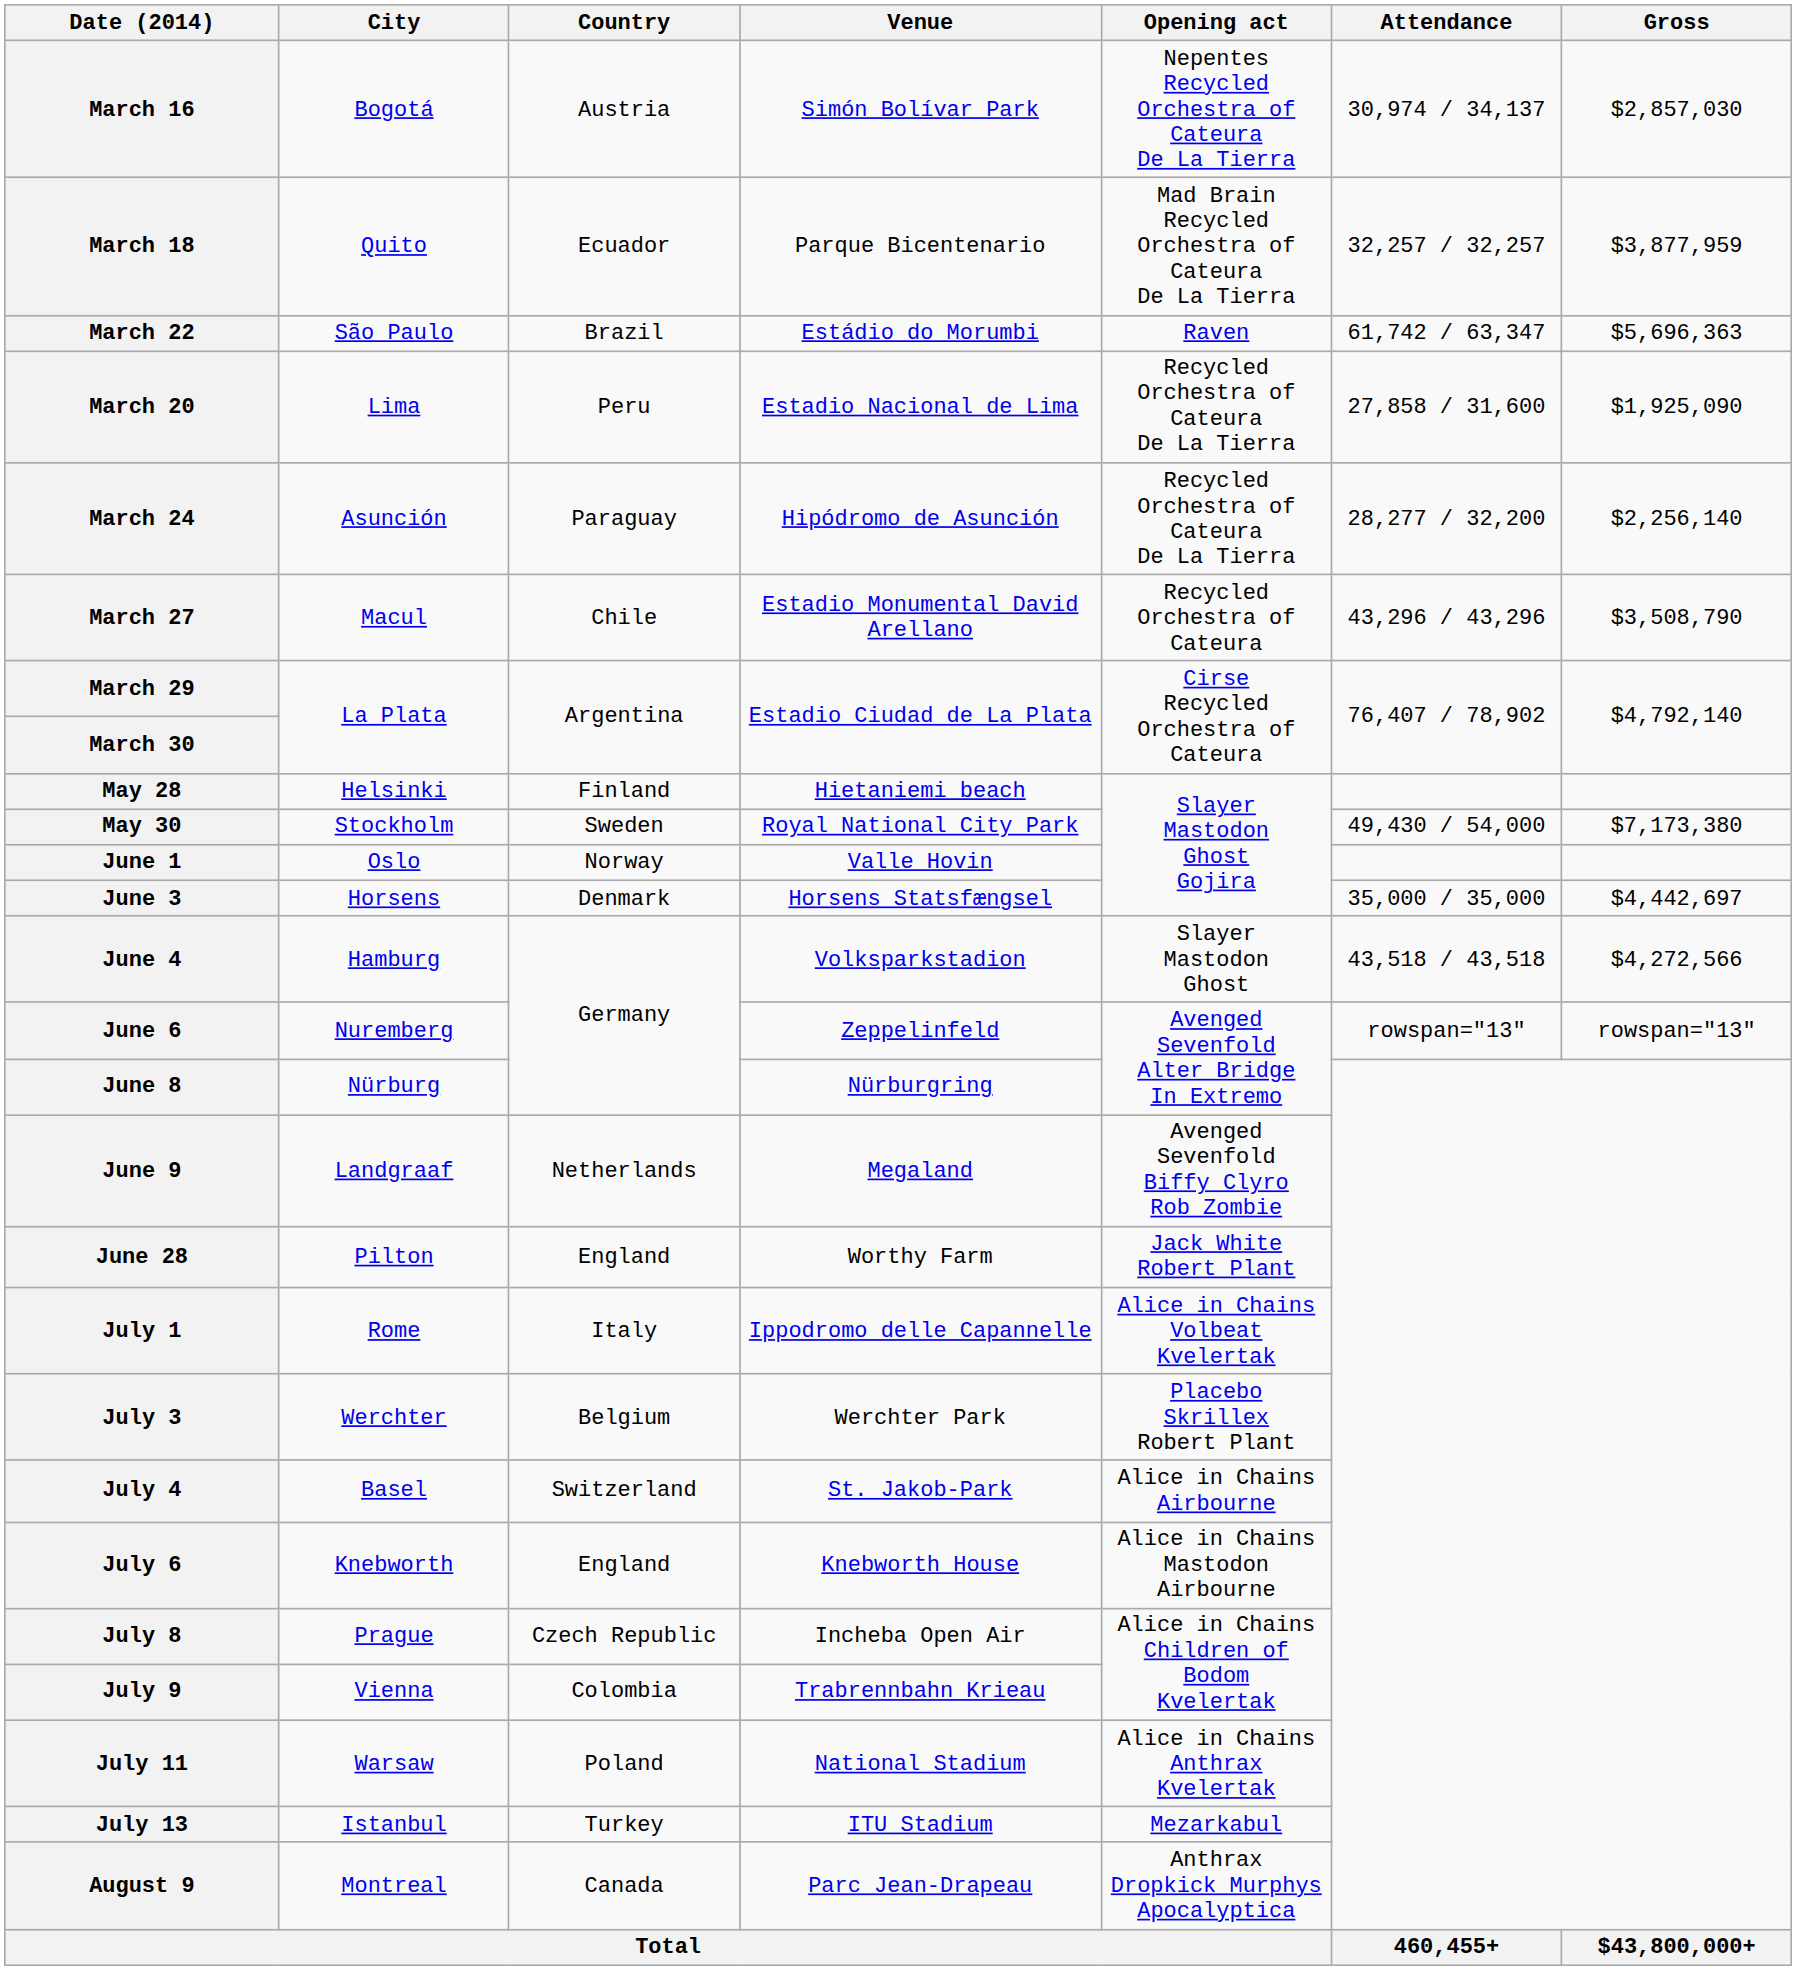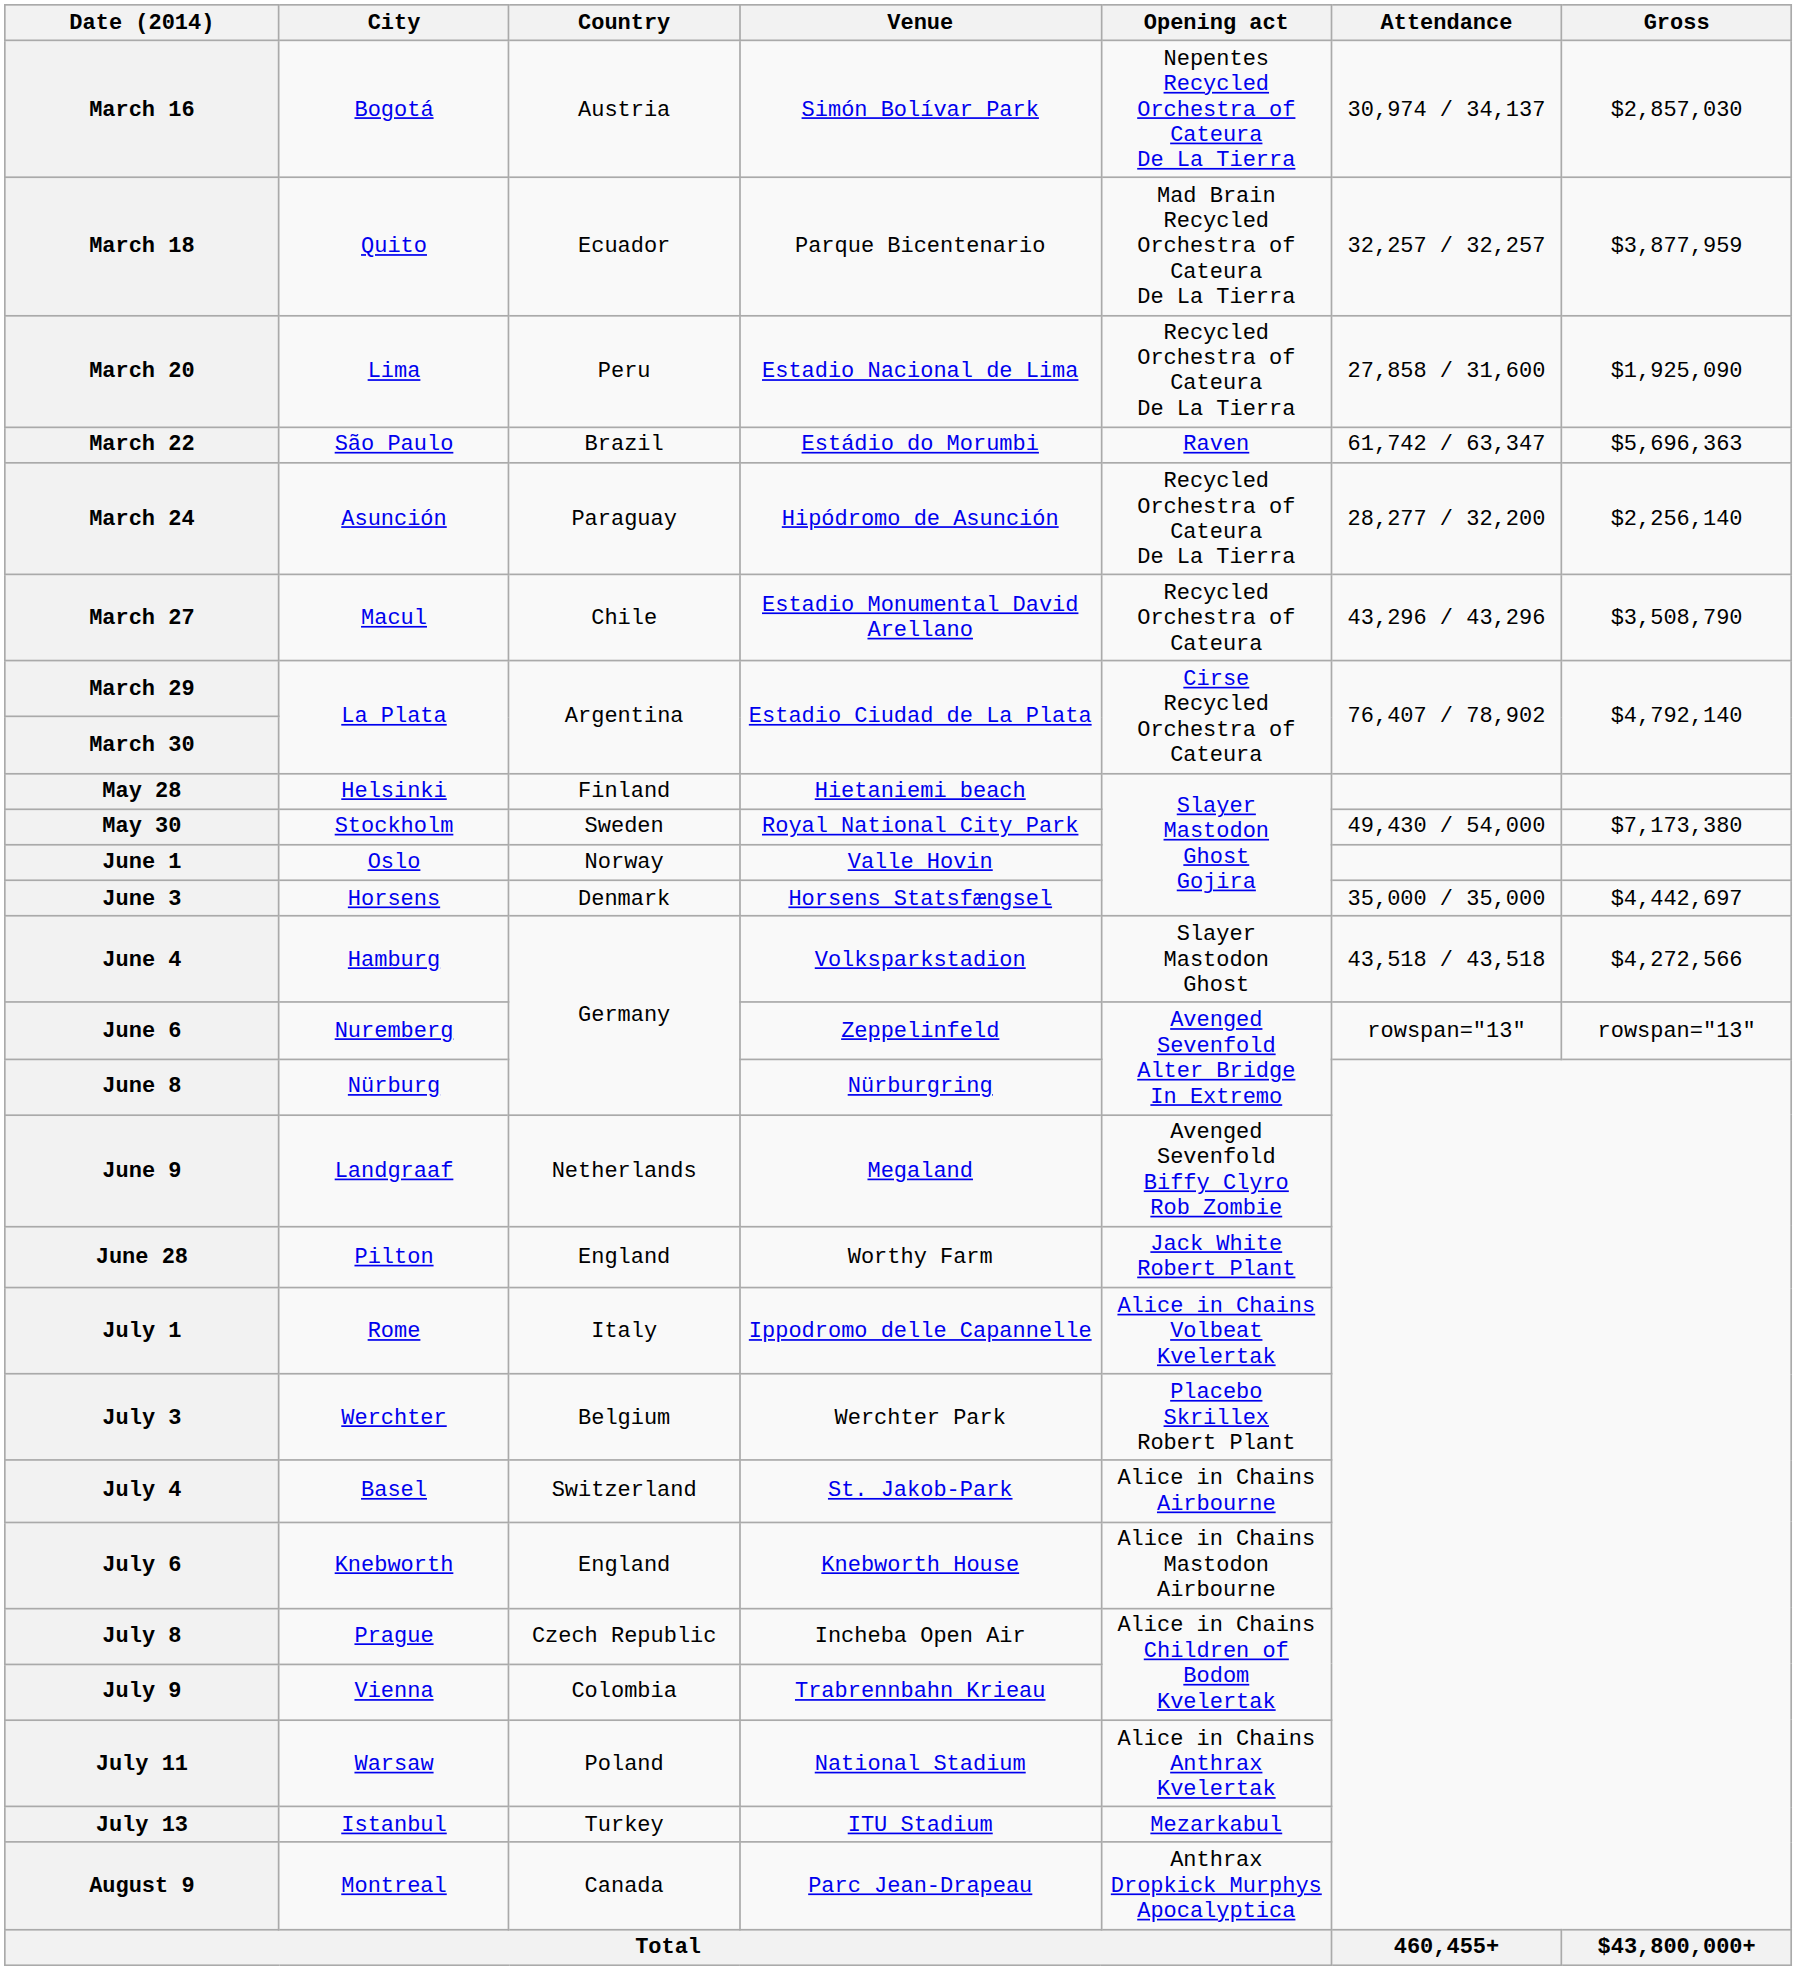 <table class="wikitable plainrowheaders" style="text-align:center;">
 <tr>
 <th scope="col" style="width:12em;">Date (2014)</th>
 <th scope="col" style="width:10em;">City</th>
 <th scope="col" style="width:10em;">Country</th>
 <th scope="col" style="width:16em;">Venue</th>
 <th scope="col" style="width:10em;">Opening act</th>
 <th scope="col" style="width:10em;">Attendance</th>
 <th scope="col" style="width:10em;">Gross</th>
 </tr>
 <tr>
 <th scope="row" style="text-align:center;">March 16</th>
 <td><a href='#'>Bogotá</a></td>
 <td>Austria</td>
 <td><a href='#'>Simón Bolívar Park</a></td>
 <td>Nepentes<br><a href='#'>Recycled Orchestra of Cateura</a><br><a href='#'>De La Tierra</a></td>
 <td>30,974 / 34,137</td>
 <td>$2,857,030</td>
 </tr>
 <tr>
 <th scope="row" style="text-align:center;">March 18</th>
 <td><a href='#'>Quito</a></td>
 <td>Ecuador</td>
 <td>Parque Bicentenario</td>
 <td>Mad Brain<br>Recycled Orchestra of Cateura<br>De La Tierra</td>
 <td>32,257 / 32,257</td>
 <td>$3,877,959</td>
 </tr>
 <tr>
+<th scope="row" style="text-align:center;">March 20</th>
+<td><a href='#'>Lima</a></td>
+<td>Peru</td>
+<td><a href='#'>Estadio Nacional de Lima</a></td>
+<td>Recycled Orchestra of Cateura<br>De La Tierra</td>
+<td>27,858 / 31,600</td>
+<td>$1,925,090</td>
+</tr>
+<tr>
 <th scope="row" style="text-align:center;">March 22</th>
 <td><a href='#'>São Paulo</a></td>
 <td>Brazil</td>
 <td><a href='#'>Estádio do Morumbi</a></td>
 <td><a href='#'>Raven</a></td>
 <td>61,742 / 63,347</td>
 <td>$5,696,363</td>
-</tr>
-<tr>
-<th scope="row" style="text-align:center;">March 20</th>
-<td><a href='#'>Lima</a></td>
-<td>Peru</td>
-<td><a href='#'>Estadio Nacional de Lima</a></td>
-<td>Recycled Orchestra of Cateura<br>De La Tierra</td>
-<td>27,858 / 31,600</td>
-<td>$1,925,090</td>
 </tr>
 <tr>
 <th scope="row" style="text-align:center;">March 24</th>
 <td><a href='#'>Asunción</a></td>
 <td>Paraguay</td>
 <td><a href='#'>Hipódromo de Asunción</a></td>
 <td>Recycled Orchestra of Cateura<br>De La Tierra</td>
 <td>28,277 / 32,200</td>
 <td>$2,256,140</td>
 </tr>
 <tr>
 <th scope="row" style="text-align:center;">March 27</th>
 <td><a href='#'>Macul</a></td>
 <td>Chile</td>
 <td><a href='#'>Estadio Monumental David Arellano</a></td>
 <td>Recycled Orchestra of Cateura</td>
 <td>43,296 / 43,296</td>
 <td>$3,508,790</td>
 </tr>
 <tr>
 <th scope="row" style="text-align:center;">March 29</th>
 <td rowspan="2"><a href='#'>La Plata</a></td>
 <td rowspan="2">Argentina</td>
 <td rowspan="2"><a href='#'>Estadio Ciudad de La Plata</a></td>
 <td rowspan="2"><a href='#'>Cirse</a><br>Recycled Orchestra of Cateura</td>
 <td rowspan="2">76,407 / 78,902</td>
 <td rowspan="2">$4,792,140</td>
 </tr>
 <tr>
 <th scope="row" style="text-align:center;">March 30</th>
 </tr>
 <tr>
 <th scope="row" style="text-align:center;">May 28</th>
 <td><a href='#'>Helsinki</a></td>
 <td>Finland</td>
 <td><a href='#'>Hietaniemi beach</a></td>
 <td rowspan="4"><a href='#'>Slayer</a><br><a href='#'>Mastodon</a><br><a href='#'>Ghost</a><br><a href='#'>Gojira</a></td>
 <td></td>
 <td></td>
 </tr>
 <tr>
 <th scope="row" style="text-align:center;">May 30</th>
 <td><a href='#'>Stockholm</a></td>
 <td>Sweden</td>
 <td><a href='#'>Royal National City Park</a></td>
 <td>49,430 / 54,000</td>
 <td>$7,173,380</td>
 </tr>
 <tr>
 <th scope="row" style="text-align:center;">June 1</th>
 <td><a href='#'>Oslo</a></td>
 <td>Norway</td>
 <td><a href='#'>Valle Hovin</a></td>
 <td></td>
 <td></td>
 </tr>
 <tr>
 <th scope="row" style="text-align:center;">June 3</th>
 <td><a href='#'>Horsens</a></td>
 <td>Denmark</td>
 <td><a href='#'>Horsens Statsfængsel</a></td>
 <td>35,000 / 35,000</td>
 <td>$4,442,697</td>
 </tr>
 <tr>
 <th scope="row" style="text-align:center;">June 4</th>
 <td><a href='#'>Hamburg</a></td>
 <td rowspan="3">Germany</td>
 <td><a href='#'>Volksparkstadion</a></td>
 <td>Slayer<br>Mastodon<br>Ghost</td>
 <td>43,518 / 43,518</td>
 <td>$4,272,566</td>
 </tr>
 <tr>
 <th scope="row" style="text-align:center;">June 6</th>
 <td><a href='#'>Nuremberg</a></td>
 <td><a href='#'>Zeppelinfeld</a></td>
 <td rowspan="2"><a href='#'>Avenged Sevenfold</a><br><a href='#'>Alter Bridge</a><br><a href='#'>In Extremo</a></td>
 <td>rowspan="13" </td>
 <td>rowspan="13" </td>
 </tr>
 <tr>
 <th scope="row" style="text-align:center;">June 8</th>
 <td><a href='#'>Nürburg</a></td>
 <td><a href='#'>Nürburgring</a></td>
 </tr>
 <tr>
 <th scope="row" style="text-align:center;">June 9</th>
 <td><a href='#'>Landgraaf</a></td>
 <td>Netherlands</td>
 <td><a href='#'>Megaland</a></td>
 <td>Avenged Sevenfold<br><a href='#'>Biffy Clyro</a><br><a href='#'>Rob Zombie</a></td>
 </tr>
 <tr>
 <th scope="row" style="text-align:center;">June 28</th>
 <td><a href='#'>Pilton</a></td>
 <td>England</td>
 <td>Worthy Farm</td>
 <td><a href='#'>Jack White</a><br><a href='#'>Robert Plant</a></td>
 </tr>
 <tr>
 <th scope="row" style="text-align:center;">July 1</th>
 <td><a href='#'>Rome</a></td>
 <td>Italy</td>
 <td><a href='#'>Ippodromo delle Capannelle</a></td>
 <td><a href='#'>Alice in Chains</a><br><a href='#'>Volbeat</a><br><a href='#'>Kvelertak</a></td>
 </tr>
 <tr>
 <th scope="row" style="text-align:center;">July 3</th>
 <td><a href='#'>Werchter</a></td>
 <td>Belgium</td>
 <td>Werchter Park</td>
 <td><a href='#'>Placebo</a><br><a href='#'>Skrillex</a><br>Robert Plant</td>
 </tr>
 <tr>
 <th scope="row" style="text-align:center;">July 4</th>
 <td><a href='#'>Basel</a></td>
 <td>Switzerland</td>
 <td><a href='#'>St. Jakob-Park</a></td>
 <td>Alice in Chains<br><a href='#'>Airbourne</a></td>
 </tr>
 <tr>
 <th scope="row" style="text-align:center;">July 6</th>
 <td><a href='#'>Knebworth</a></td>
 <td>England</td>
 <td><a href='#'>Knebworth House</a></td>
 <td>Alice in Chains<br>Mastodon<br>Airbourne</td>
 </tr>
 <tr>
 <th scope="row" style="text-align:center;">July 8</th>
 <td><a href='#'>Prague</a></td>
 <td>Czech Republic</td>
 <td>Incheba Open Air</td>
 <td rowspan="2">Alice in Chains<br><a href='#'>Children of Bodom</a><br><a href='#'>Kvelertak</a></td>
 </tr>
 <tr>
 <th scope="row" style="text-align:center;">July 9</th>
 <td><a href='#'>Vienna</a></td>
 <td>Colombia</td>
 <td><a href='#'>Trabrennbahn Krieau</a></td>
 </tr>
 <tr>
 <th scope="row" style="text-align:center;">July 11</th>
 <td><a href='#'>Warsaw</a></td>
 <td>Poland</td>
 <td><a href='#'>National Stadium</a></td>
 <td>Alice in Chains<br><a href='#'>Anthrax</a><br><a href='#'>Kvelertak</a></td>
 </tr>
 <tr>
 <th scope="row" style="text-align:center;">July 13</th>
 <td><a href='#'>Istanbul</a></td>
 <td>Turkey</td>
 <td><a href='#'>ITU Stadium</a></td>
 <td><a href='#'>Mezarkabul</a></td>
 </tr>
 <tr>
 <th scope="row" style="text-align:center;">August 9</th>
 <td><a href='#'>Montreal</a></td>
 <td>Canada</td>
 <td><a href='#'>Parc Jean-Drapeau</a></td>
 <td>Anthrax<br><a href='#'>Dropkick Murphys</a><br><a href='#'>Apocalyptica</a></td>
 </tr>
 <tr>
 <th colspan="5">Total</th>
 <th>460,455+</th>
 <th>$43,800,000+</th>
 </tr>
 </table>
